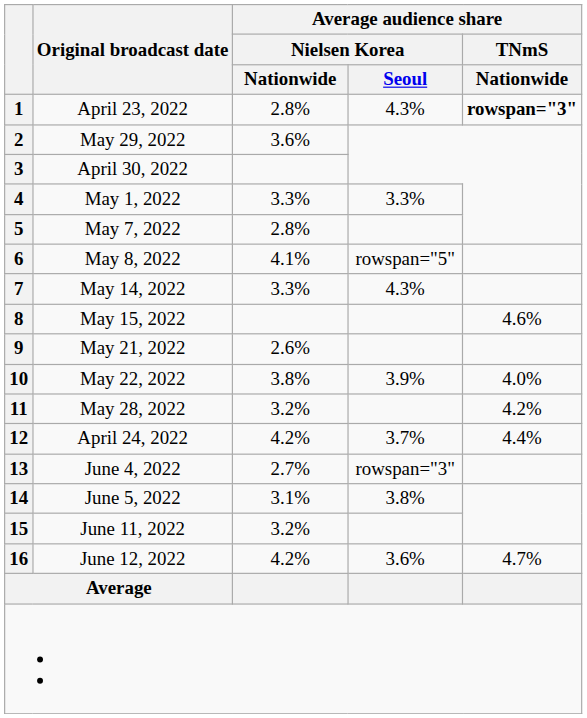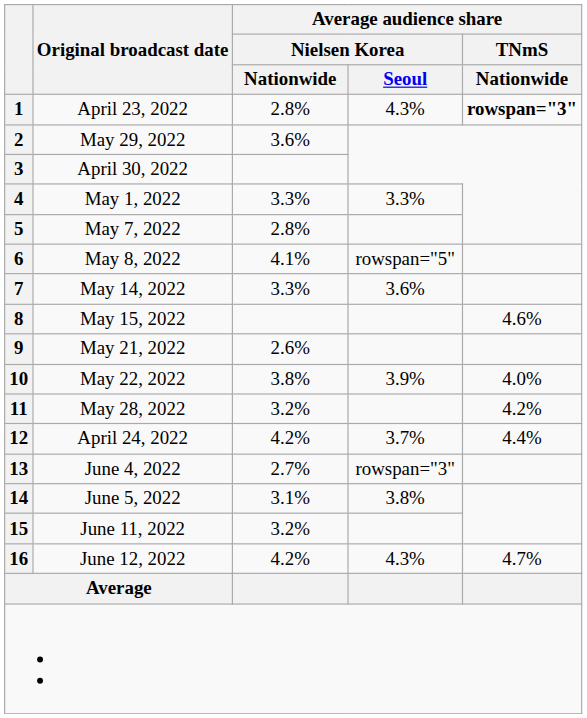 <table class="wikitable" style="text-align:center; max-width:550px; margin-left:auto; margin-right:auto">
 <tr>
 <th rowspan="3"></th>
 <th rowspan="3">Original broadcast date</th>
 <th colspan="3">Average audience share</th>
 </tr>
 <tr>
 <th colspan="2">Nielsen Korea</th>
 <th>TNmS</th>
 </tr>
 <tr>
 <th width="90">Nationwide</th>
 <th width="90"><a href='#'>Seoul</a></th>
 <th width="90">Nationwide</th>
 </tr>
 <tr>
 <th>1</th>
 <td>April 23, 2022</td>
 <td>2.8% </td>
 <td>4.3% </td>
 <td><strong>rowspan="3" </strong></td>
 </tr>
 <tr>
 <th>2</th>
 <td>May 29, 2022</td>
 <td>3.6% </td>
 </tr>
 <tr>
 <th>3</th>
 <td>April 30, 2022</td>
 <td> </td>
 </tr>
 <tr>
 <th>4</th>
 <td>May 1, 2022</td>
 <td>3.3% </td>
 <td>3.3% </td>
 </tr>
 <tr>
 <th>5</th>
 <td>May 7, 2022</td>
 <td>2.8% </td>
 <td></td>
 </tr>
 <tr>
 <th>6</th>
 <td>May 8, 2022</td>
 <td>4.1% </td>
 <td>rowspan="5" </td>
 <td> </td>
 </tr>
 <tr>
 <th>7</th>
 <td>May 14, 2022</td>
 <td>3.3% </td>
-<td>4.3% </td>
+<td>3.6% </td>
 <td></td>
 </tr>
 <tr>
 <th>8</th>
 <td>May 15, 2022</td>
 <td> </td>
 <td> </td>
 <td>4.6% </td>
 </tr>
 <tr>
 <th>9</th>
 <td>May 21, 2022</td>
 <td>2.6% </td>
 <td></td>
 <td></td>
 </tr>
 <tr>
 <th>10</th>
 <td>May 22, 2022</td>
 <td>3.8% </td>
 <td>3.9% </td>
 <td>4.0% </td>
 </tr>
 <tr>
 <th>11</th>
 <td>May 28, 2022</td>
 <td>3.2% </td>
 <td></td>
 <td>4.2% </td>
 </tr>
 <tr>
 <th>12</th>
 <td>April 24, 2022</td>
 <td>4.2% </td>
 <td>3.7% </td>
 <td>4.4% </td>
 </tr>
 <tr>
 <th>13</th>
 <td>June 4, 2022</td>
 <td>2.7% </td>
 <td>rowspan="3" </td>
 <td></td>
 </tr>
 <tr>
 <th>14</th>
 <td>June 5, 2022</td>
 <td>3.1% </td>
 <td>3.8% </td>
 </tr>
 <tr>
 <th>15</th>
 <td>June 11, 2022</td>
 <td>3.2% </td>
 <td></td>
 </tr>
 <tr>
 <th>16</th>
 <td>June 12, 2022</td>
 <td>4.2% </td>
-<td>3.6% </td>
+<td>4.3% </td>
 <td>4.7% </td>
 </tr>
 <tr>
 <th colspan="2">Average</th>
 <th></th>
 <th></th>
 <th></th>
 </tr>
 <tr>
 <td colspan="5"><br><ul><li></li><li></li></ul></td>
 </tr>
 </table>
